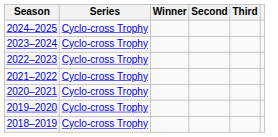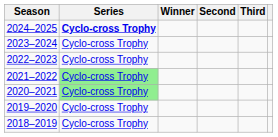 <table class="wikitable">
 <tr>
 <th>Season</th>
 <th>Series</th>
 <th>Winner</th>
 <th>Second</th>
 <th>Third</th>
 <th></th>
 </tr>
 <tr>
 <td><a href='#'>2024–2025</a></td>
-<td><a href='#'>Cyclo-cross Trophy</a></td>
+<td><strong><a href='#'>Cyclo-cross Trophy</a></strong></td>
 <td></td>
 <td></td>
 <td></td>
 </tr>
 <tr>
 <td><a href='#'>2023–2024</a></td>
 <td><a href='#'>Cyclo-cross Trophy</a></td>
 <td></td>
 <td></td>
 <td></td>
 <td></td>
 </tr>
 <tr>
 <td><a href='#'>2022–2023</a></td>
 <td><a href='#'>Cyclo-cross Trophy</a></td>
 <td></td>
 <td></td>
 <td></td>
 <td></td>
 </tr>
 <tr>
 <td><a href='#'>2021–2022</a></td>
-<td><a href='#'>Cyclo-cross Trophy</a></td>
+<td style="background: lightgreen;"><a href='#'>Cyclo-cross Trophy</a></td>
 <td></td>
 <td></td>
 <td></td>
 <td></td>
 </tr>
 <tr>
 <td><a href='#'>2020–2021</a></td>
-<td><a href='#'>Cyclo-cross Trophy</a></td>
+<td style="background: lightgreen;"><a href='#'>Cyclo-cross Trophy</a></td>
 <td></td>
 <td></td>
 <td></td>
 <td></td>
 </tr>
 <tr>
 <td><a href='#'>2019–2020</a></td>
 <td><a href='#'>Cyclo-cross Trophy</a></td>
 <td></td>
 <td></td>
 <td></td>
 <td></td>
 </tr>
 <tr>
 <td><a href='#'>2018–2019</a></td>
 <td><a href='#'>Cyclo-cross Trophy</a></td>
 <td></td>
 <td></td>
 <td></td>
 <td></td>
 </tr>
 </table>
